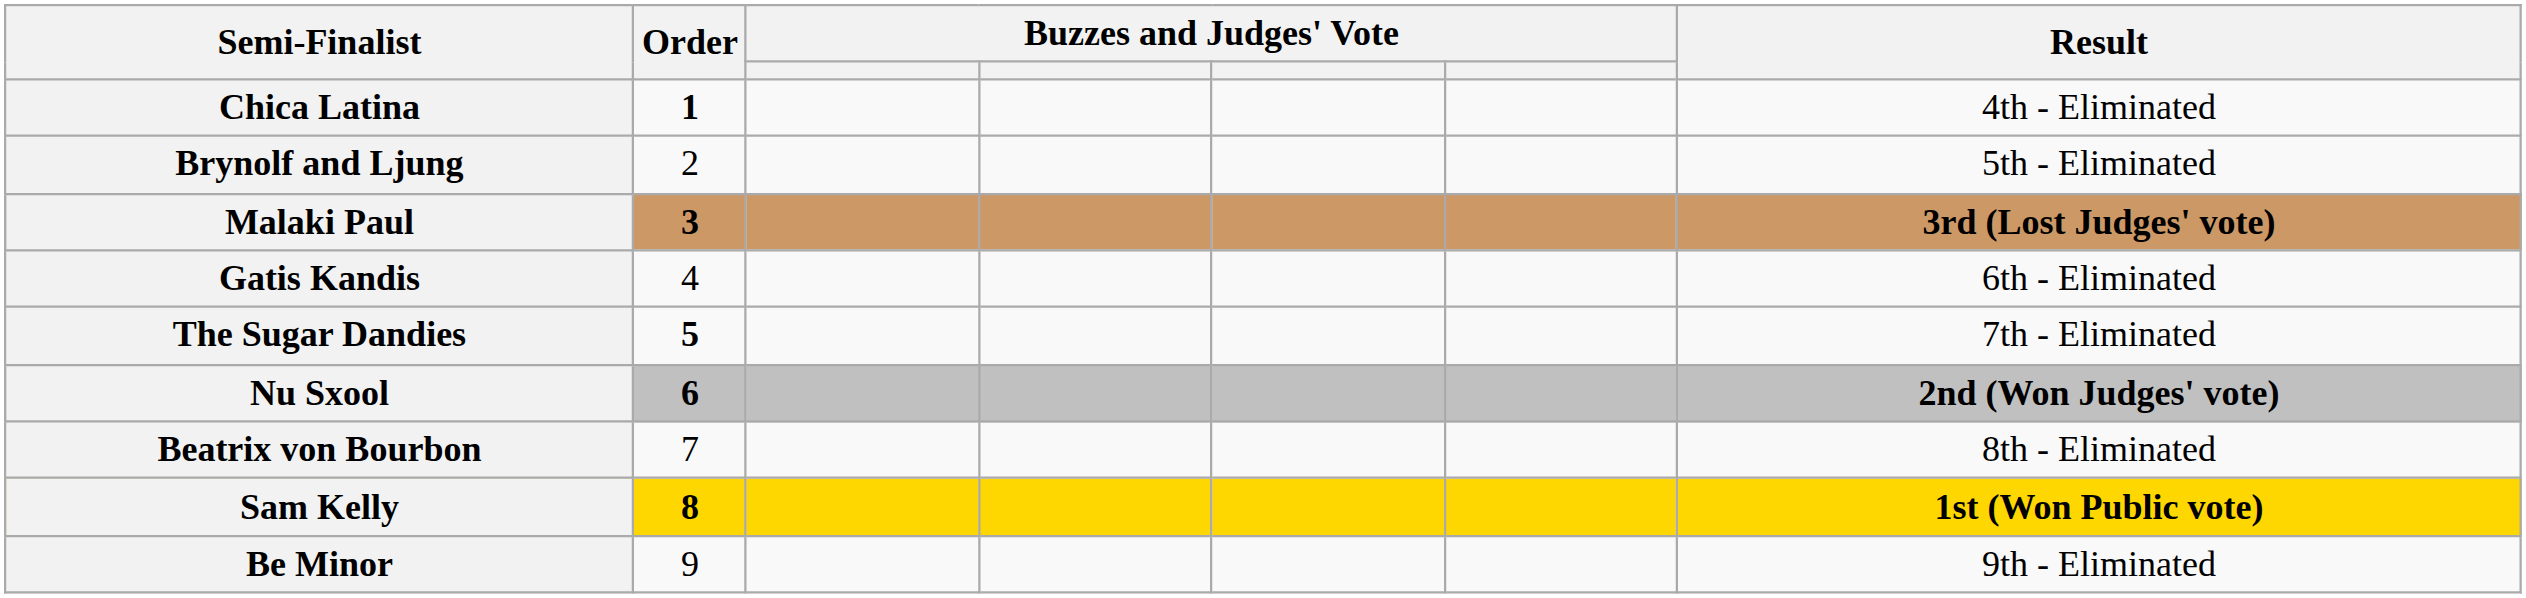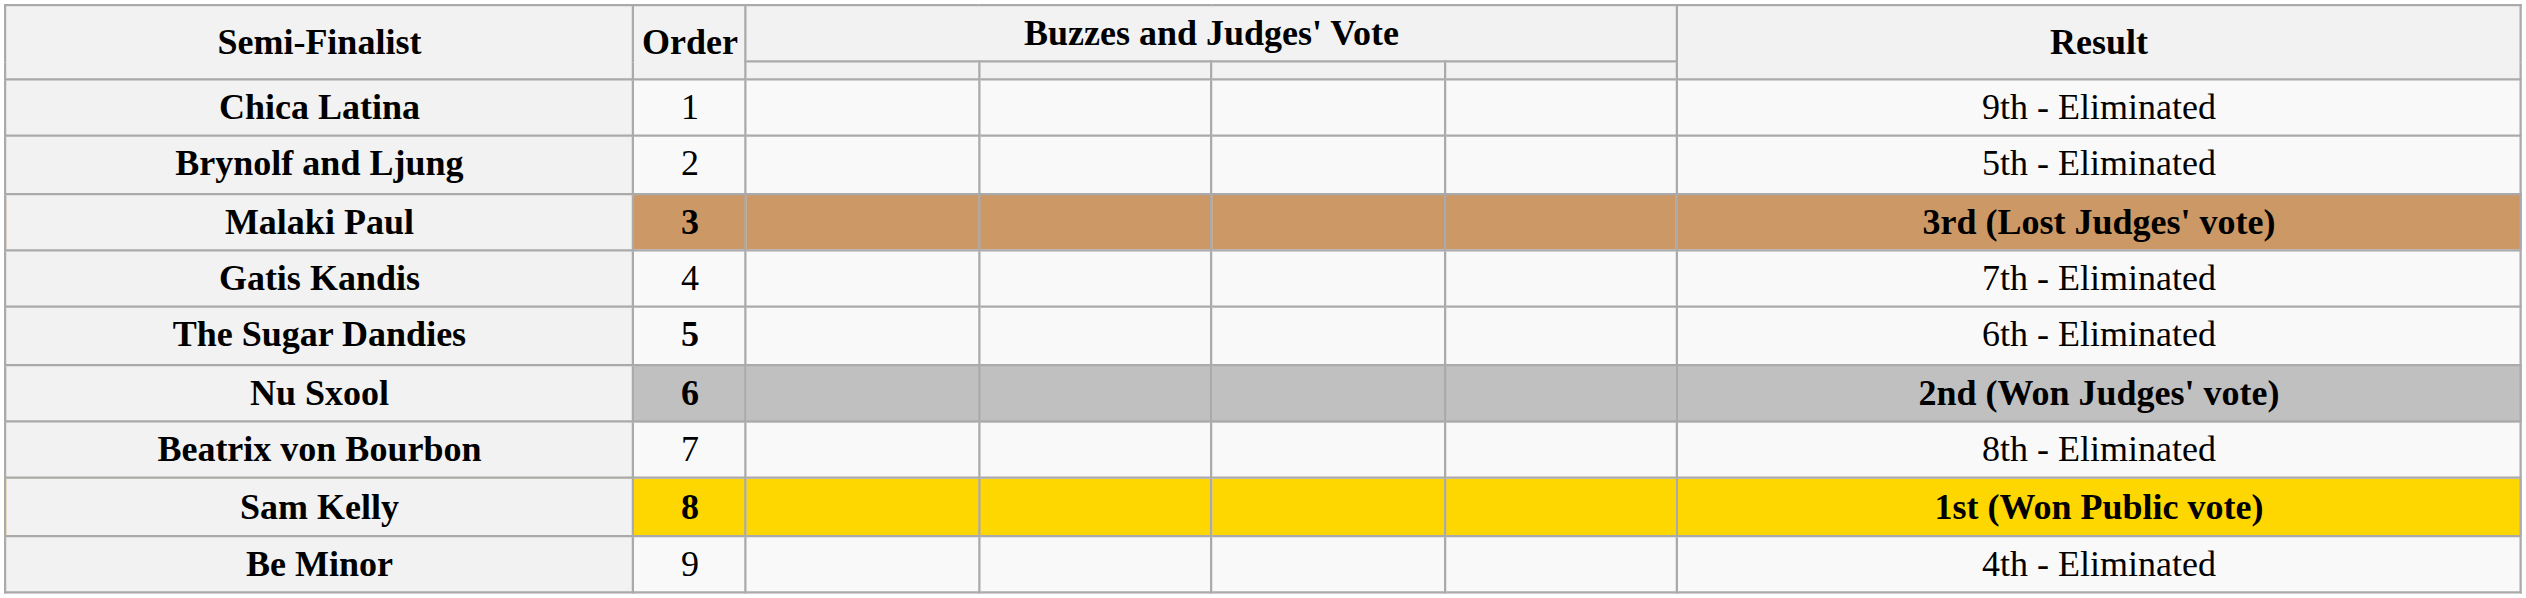 <table class="wikitable plainrowheaders sortable" style="text-align:center;">
 <tr>
 <th rowspan=2 class="unsortable" style="width:17em;">Semi-Finalist</th>
 <th rowspan=2 style="width:1em;">Order</th>
 <th colspan=4 class="unsortable" style="width:24em;">Buzzes and Judges' Vote</th>
 <th rowspan=2 style="width:23em;">Result </th>
 </tr>
 <tr>
 <th scope="col" class="unsortable" style="width:6em;"></th>
 <th scope="col" class="unsortable" style="width:6em;"></th>
 <th scope="col" class="unsortable" style="width:6em;"></th>
 <th scope="col" class="unsortable" style="width:6em;"></th>
 </tr>
 <tr>
 <th scope="row">Chica Latina</th>
-<td><strong>1</strong></td>
+<td>1</td>
 <td style="text-align:center;"></td>
 <td style="text-align:center;"></td>
 <td style="text-align:center;"></td>
 <td style="text-align:center;"></td>
-<td>4th - Eliminated</td>
+<td>9th - Eliminated</td>
 </tr>
 <tr>
 <th scope="row">Brynolf and Ljung</th>
 <td>2</td>
 <td style="text-align:center;"></td>
 <td style="text-align:center;"></td>
 <td style="text-align:center;"></td>
 <td style="text-align:center;"></td>
 <td>5th - Eliminated</td>
 </tr>
 <tr bgcolor=#c96>
 <th scope="row"><strong>Malaki Paul</strong></th>
 <td><strong>3</strong></td>
 <td style="text-align:center;"></td>
 <td style="text-align:center;"></td>
 <td style="text-align:center;"></td>
 <td style="text-align:center;"></td>
 <td><strong>3rd (Lost Judges' vote)</strong></td>
 </tr>
 <tr>
 <th scope="row">Gatis Kandis</th>
 <td>4</td>
 <td style="text-align:center;"></td>
 <td style="text-align:center;"></td>
 <td style="text-align:center;"></td>
 <td style="text-align:center;"></td>
-<td>6th - Eliminated</td>
+<td>7th - Eliminated</td>
 </tr>
 <tr>
 <th scope="row">The Sugar Dandies</th>
 <td><strong>5</strong></td>
 <td style="text-align:center;"></td>
 <td style="text-align:center;"></td>
 <td style="text-align:center;"></td>
 <td style="text-align:center;"></td>
-<td>7th - Eliminated</td>
+<td>6th - Eliminated</td>
 </tr>
 <tr bgcolor=silver>
 <th scope="row"><strong>Nu Sxool</strong></th>
 <td><strong>6</strong></td>
 <td style="text-align:center;"></td>
 <td style="text-align:center;"></td>
 <td style="text-align:center;"></td>
 <td style="text-align:center;"></td>
 <td><strong>2nd (Won Judges' vote)</strong></td>
 </tr>
 <tr>
 <th scope="row">Beatrix von Bourbon</th>
 <td>7</td>
 <td style="text-align:center;"></td>
 <td style="text-align:center;"></td>
 <td style="text-align:center;"></td>
 <td style="text-align:center;"></td>
 <td>8th - Eliminated</td>
 </tr>
 <tr bgcolor=gold>
 <th scope="row"><strong>Sam Kelly</strong></th>
 <td><strong>8</strong></td>
 <td style="text-align:center;"></td>
 <td style="text-align:center;"></td>
 <td style="text-align:center;"></td>
 <td style="text-align:center;"></td>
 <td><strong>1st (Won Public vote)</strong></td>
 </tr>
 <tr>
 <th scope="row">Be Minor</th>
 <td>9</td>
 <td style="text-align:center;"></td>
 <td style="text-align:center;"></td>
 <td style="text-align:center;"></td>
 <td style="text-align:center;"></td>
-<td>9th - Eliminated</td>
+<td>4th - Eliminated</td>
 </tr>
 </table>
